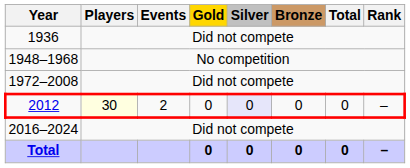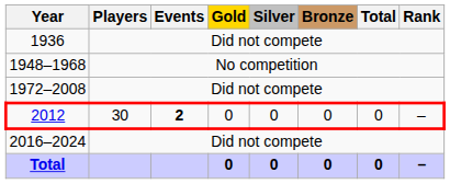 <table class="wikitable sortable collapsible collapsed">
 <tr>
 <th>Year</th>
 <th>Players</th>
 <th>Events</th>
 <th style="text-align:center; background-color:gold;"><strong>Gold</strong></th>
 <th style="text-align:center; background-color:silver;"><strong>Silver</strong></th>
 <th style="text-align:center; background-color:#c96;"><strong>Bronze</strong></th>
 <th>Total</th>
 <th>Rank</th>
 </tr>
 <tr style="text-align:center">
 <td>1936</td>
 <td colspan=7>Did not compete</td>
 </tr>
 <tr style="text-align:center">
 <td>1948–1968</td>
 <td colspan=7>No competition</td>
 </tr>
 <tr style="text-align:center">
 <td>1972–2008</td>
 <td colspan="7">Did not compete</td>
 </tr>
 <tr style="text-align:center;border: 3px solid red">
 <td><a href='#'>2012</a></td>
-<td style="background: lightyellow;">30</td>
-<td>2</td>
+<td>30</td>
+<td><strong>2</strong></td>
 <td>0</td>
-<td style="background: lavender;">0</td>
+<td>0</td>
 <td>0</td>
 <td>0</td>
 <td>–</td>
 </tr>
 <tr style="text-align:center">
 <td>2016–2024</td>
 <td colspan="7">Did not compete</td>
 </tr>
 <tr style="text-align:center; background-color:#ccf;">
 <td><strong><a href='#'>Total</a></strong></td>
 <td></td>
 <td></td>
 <td><strong>0</strong></td>
 <td><strong>0</strong></td>
 <td><strong>0</strong></td>
 <td><strong>0</strong></td>
 <td><strong>–</strong></td>
 </tr>
 </table>
